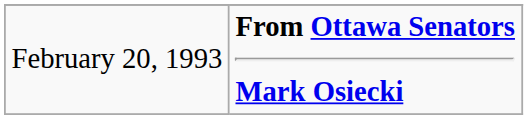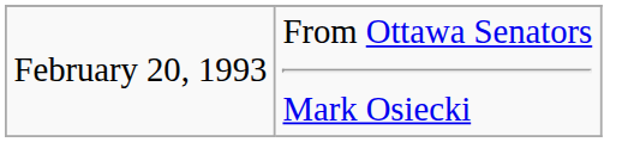 <table class="wikitable">
 <tr>
 </tr>
 <tr>
 <td>February 20, 1993</td>
-<td valign="top"><strong>From <a href='#'>Ottawa Senators</a><hr><a href='#'>Mark Osiecki</a></strong></td>
+<td valign="top">From <a href='#'>Ottawa Senators</a><hr><a href='#'>Mark Osiecki</a></td>
 </tr>
 </table>
